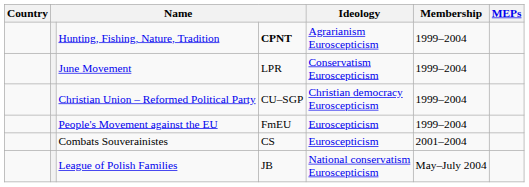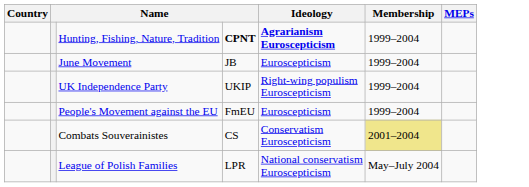 <table class="wikitable">
 <tr>
 <th>Country</th>
 <th colspan="3">Name</th>
 <th>Ideology</th>
 <th>Membership</th>
 <th><a href='#'>MEPs</a></th>
 </tr>
 <tr>
 <td></td>
 <th style="background:"></th>
 <td><a href='#'>Hunting, Fishing, Nature, Tradition</a></td>
 <td><strong>CPNT</strong></td>
-<td><a href='#'>Agrarianism</a><br><a href='#'>Euroscepticism</a></td>
+<td><strong><a href='#'>Agrarianism</a><br><a href='#'>Euroscepticism</a></strong></td>
 <td>1999–2004</td>
 <td></td>
 </tr>
 <tr>
 <td></td>
 <th style="background:"></th>
 <td><a href='#'>June Movement</a></td>
-<td>LPR</td>
-<td><a href='#'>Conservatism</a><br><a href='#'>Euroscepticism</a></td>
+<td>JB</td>
+<td><a href='#'>Euroscepticism</a></td>
 <td>1999–2004</td>
 <td></td>
 </tr>
 <tr>
 <td></td>
 <th style="background:"></th>
-<td><a href='#'>Christian Union – Reformed Political Party</a></td>
-<td>CU–SGP</td>
-<td><a href='#'>Christian democracy</a><br><a href='#'>Euroscepticism</a></td>
+<td><a href='#'>UK Independence Party</a></td>
+<td>UKIP</td>
+<td><a href='#'>Right-wing populism</a><br><a href='#'>Euroscepticism</a></td>
 <td>1999–2004</td>
 <td></td>
 </tr>
 <tr>
 <td></td>
 <th style="background:"></th>
 <td><a href='#'>People's Movement against the EU</a></td>
 <td>FmEU</td>
 <td><a href='#'>Euroscepticism</a></td>
 <td>1999–2004</td>
 <td></td>
 </tr>
 <tr>
 <td></td>
 <th style="background:"></th>
 <td>Combats Souverainistes</td>
 <td>CS</td>
-<td><a href='#'>Euroscepticism</a></td>
-<td>2001–2004</td>
+<td><a href='#'>Conservatism</a><br><a href='#'>Euroscepticism</a></td>
+<td style="background: khaki;">2001–2004</td>
 <td></td>
 </tr>
 <tr>
 <td></td>
 <th style="background:"></th>
 <td><a href='#'>League of Polish Families</a></td>
-<td>JB</td>
+<td>LPR</td>
 <td><a href='#'>National conservatism</a><br><a href='#'>Euroscepticism</a></td>
 <td>May–July 2004</td>
 <td></td>
 </tr>
 </table>
